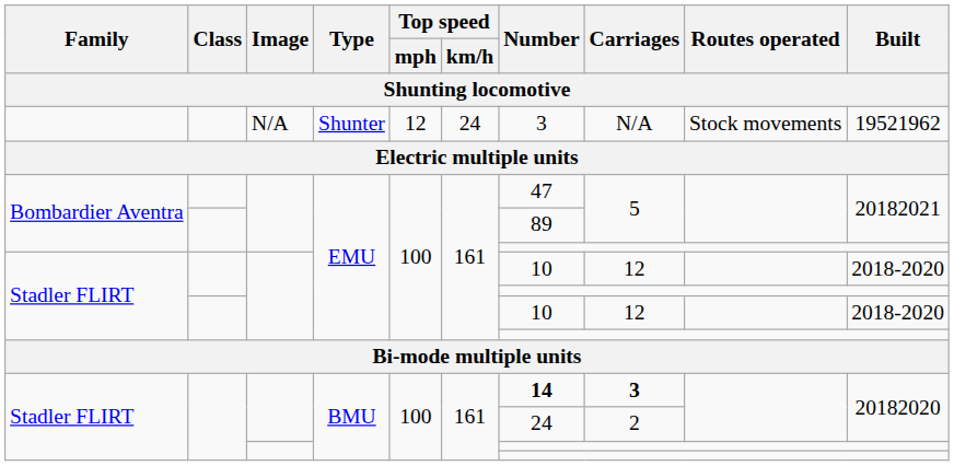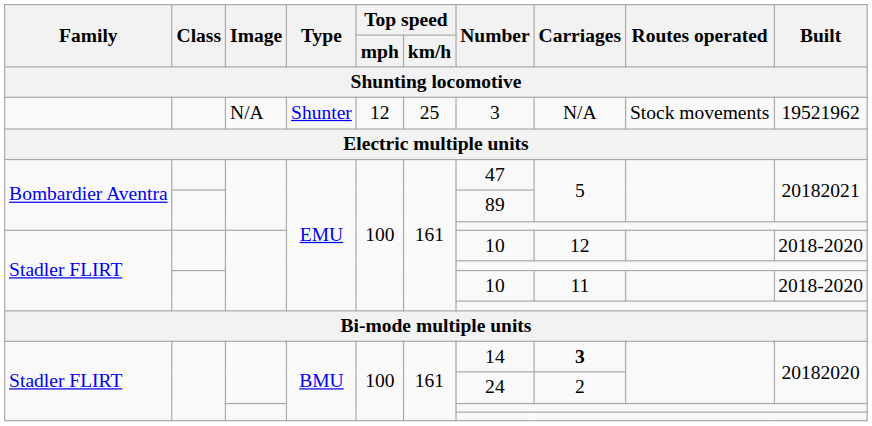 <table class="wikitable sortable">
 <tr style="background:#f9f9f9;">
 <th rowspan="2">Family</th>
 <th rowspan="2">Class</th>
 <th rowspan="2">Image</th>
 <th rowspan="2">Type</th>
 <th colspan="2">Top speed</th>
 <th rowspan="2">Number</th>
 <th rowspan="2">Carriages</th>
 <th rowspan="2">Routes operated</th>
 <th rowspan="2">Built</th>
 </tr>
 <tr style="background:#f9f9f9;">
 <th>mph</th>
 <th>km/h</th>
 </tr>
 <tr>
 <th colspan="10">Shunting locomotive</th>
 </tr>
 <tr>
 <td></td>
 <td></td>
 <td>N/A</td>
 <td style="text-align:center;"><a href='#'>Shunter</a></td>
 <td style="text-align:center;">12</td>
-<td style="text-align:center;">24</td>
+<td style="text-align:center;">25</td>
 <td style="text-align:center;">3</td>
 <td style="text-align:center;">N/A</td>
 <td>Stock movements</td>
 <td style="text-align:center;">19521962</td>
 </tr>
 <tr>
 <th colspan="10">Electric multiple units</th>
 </tr>
 <tr>
 <td rowspan="3"><a href='#'>Bombardier Aventra</a></td>
 <td rowspan="1"></td>
 <td rowspan="3" style="text-align:center;"></td>
 <td rowspan="7" style="text-align:center;"><a href='#'>EMU</a></td>
 <td rowspan="7" style="text-align:center;">100</td>
 <td rowspan="7" style="text-align:center;">161</td>
 <td style="text-align:center;">47</td>
 <td rowspan="2" style="text-align:center;">5</td>
 <td rowspan="2"></td>
 <td rowspan="2" style="text-align:center;">20182021</td>
 </tr>
 <tr>
 <td rowspan="2"></td>
 <td style="text-align:center;">89</td>
 </tr>
 <tr>
 <td colspan="4"></td>
 </tr>
 <tr>
 <td rowspan="4"><a href='#'>Stadler FLIRT</a></td>
 <td rowspan="2"></td>
 <td rowspan="4" style="text-align:center;"></td>
 <td style="text-align:center;">10</td>
 <td style="text-align:center;">12</td>
 <td></td>
 <td style="text-align:center;">2018-2020</td>
 </tr>
 <tr>
 <td colspan="4"></td>
 </tr>
 <tr>
 <td rowspan="2"></td>
 <td style="text-align:center;">10</td>
-<td style="text-align:center;">12</td>
+<td style="text-align:center;">11</td>
 <td></td>
 <td style="text-align:center;">2018-2020</td>
 </tr>
 <tr>
 <td colspan="4"></td>
 </tr>
 <tr>
 <th colspan="10">Bi-mode multiple units</th>
 </tr>
 <tr>
 <td rowspan="4"><a href='#'>Stadler FLIRT</a></td>
 <td rowspan="4"></td>
 <td rowspan="2"></td>
 <td rowspan="4" style="text-align:center;"><a href='#'>BMU</a></td>
 <td rowspan="4" style="text-align:center;">100</td>
 <td rowspan="4" style="text-align:center;">161</td>
-<td style="text-align:center;"><strong>14</strong></td>
+<td style="text-align:center;">14</td>
 <td style="text-align:center;"><strong>3</strong></td>
 <td rowspan="2"></td>
 <td rowspan="2" style="text-align:center;">20182020</td>
 </tr>
 <tr>
 <td style="text-align:center;">24</td>
 <td style="text-align:center;">2</td>
 </tr>
 <tr>
 <td rowspan="2"></td>
 <td colspan="4"></td>
 </tr>
 <tr>
 <td colspan="4"></td>
 </tr>
 </table>
